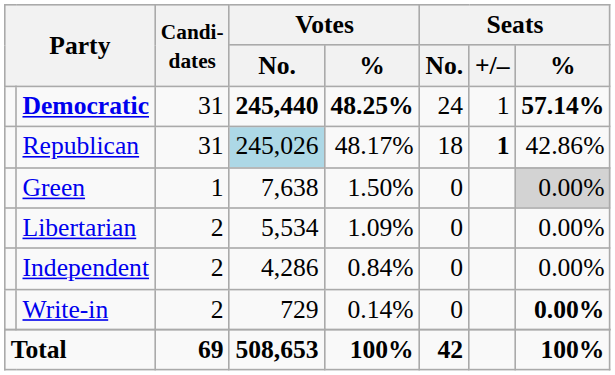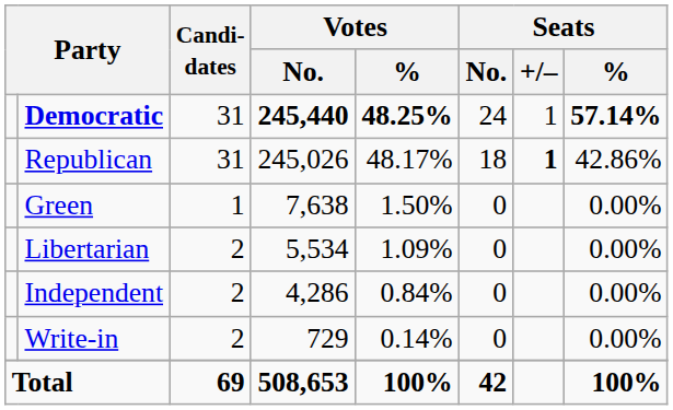 <table class="wikitable" style="font-size:100%; text-align:right;">
 <tr>
 <th colspan=2 rowspan=2>Party</th>
 <th rowspan=2><small>Candi-<br>dates</small></th>
 <th colspan=2>Votes</th>
 <th colspan=3>Seats</th>
 </tr>
 <tr>
 <th>No.</th>
 <th>%</th>
 <th>No.</th>
 <th>+/–</th>
 <th>%</th>
 </tr>
 <tr>
 <td style="background:"></td>
 <td align=left><strong><a href='#'>Democratic</a></strong></td>
 <td>31</td>
 <td><strong>245,440</strong></td>
 <td><strong>48.25%</strong></td>
 <td>24</td>
 <td>1</td>
 <td><strong>57.14%</strong></td>
 </tr>
 <tr>
 <td style="background:"></td>
 <td align=left><a href='#'>Republican</a></td>
 <td>31</td>
-<td style="background: lightblue;">245,026</td>
+<td>245,026</td>
 <td>48.17%</td>
 <td>18</td>
 <td><strong>1</strong></td>
 <td>42.86%</td>
 </tr>
 <tr>
 <td style="background:"></td>
 <td align=left><a href='#'>Green</a></td>
 <td>1</td>
 <td>7,638</td>
 <td>1.50%</td>
 <td>0</td>
 <td></td>
-<td style="background: lightgrey;">0.00%</td>
+<td>0.00%</td>
 </tr>
 <tr>
 <td style="background:"></td>
 <td align=left><a href='#'>Libertarian</a></td>
 <td>2</td>
 <td>5,534</td>
 <td>1.09%</td>
 <td>0</td>
 <td></td>
 <td>0.00%</td>
 </tr>
 <tr>
 <td style="background:"></td>
 <td align=left><a href='#'>Independent</a></td>
 <td>2</td>
 <td>4,286</td>
 <td>0.84%</td>
 <td>0</td>
 <td></td>
 <td>0.00%</td>
 </tr>
 <tr>
 <td style="background:"></td>
 <td align=left><a href='#'>Write-in</a></td>
 <td>2</td>
 <td>729</td>
 <td>0.14%</td>
 <td>0</td>
 <td></td>
-<td><strong>0.00%</strong></td>
+<td>0.00%</td>
 </tr>
 <tr>
 </tr>
 <tr style="font-weight:bold">
 <td colspan=2 align=left>Total</td>
 <td>69</td>
 <td>508,653</td>
 <td>100%</td>
 <td>42</td>
 <td></td>
 <td>100%</td>
 </tr>
 </table>
